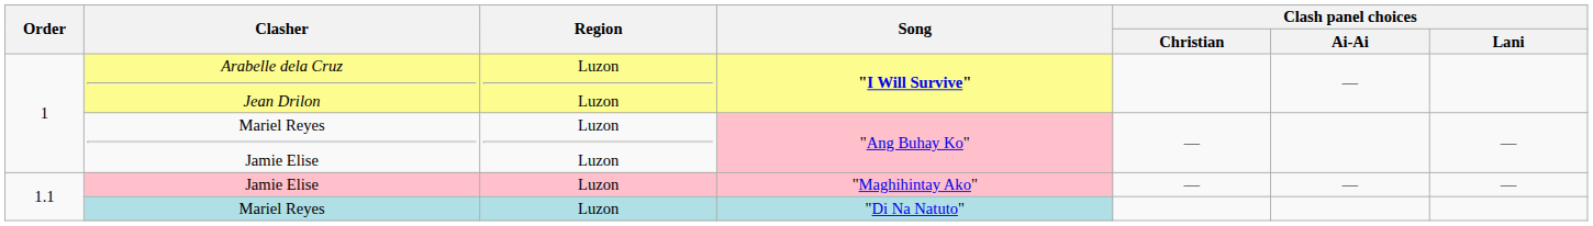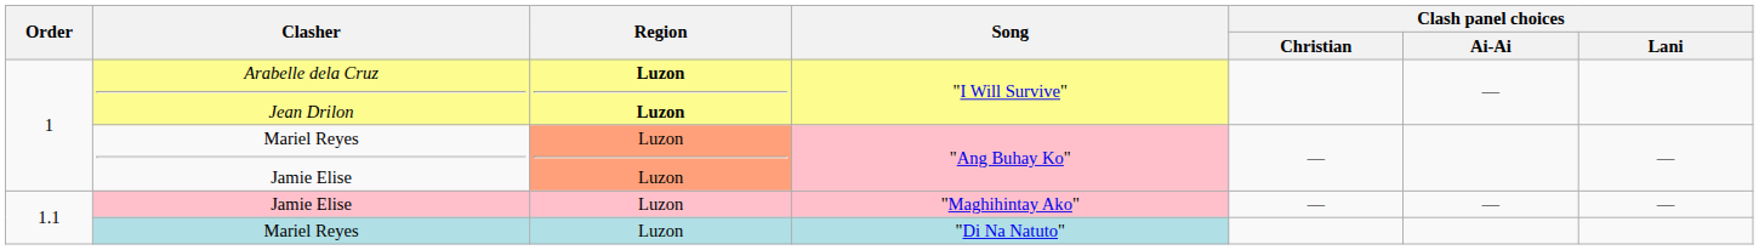 <table class="wikitable" style="text-align:center; line-height:17px; width:100%;">
 <tr>
 <th rowspan="2" width="5%">Order</th>
 <th rowspan="2" width="25%">Clasher</th>
 <th rowspan="2">Region</th>
 <th rowspan="2" width="25%">Song</th>
 <th colspan="3" width="30%">Clash panel choices</th>
 </tr>
 <tr>
 <th width="10%">Christian</th>
 <th width="10%">Ai-Ai</th>
 <th width="10%">Lani</th>
 </tr>
 <tr>
 <td rowspan="2">1</td>
 <td style="background:#fdfc8f;"><em>Arabelle dela Cruz</em><hr><em>Jean Drilon</em></td>
-<td style="background:#fdfc8f;">Luzon<hr>Luzon</td>
-<td style="background:#fdfc8f;"><strong>"<a href='#'>I Will Survive</a>"</strong></td>
+<td style="background:#fdfc8f;"><strong>Luzon<hr>Luzon</strong></td>
+<td style="background:#fdfc8f;">"<a href='#'>I Will Survive</a>"</td>
 <td><strong></strong></td>
 <td>—</td>
 <td><strong></strong></td>
 </tr>
 <tr>
 <td>Mariel Reyes<hr>Jamie Elise</td>
-<td>Luzon<hr>Luzon</td>
+<td style="background: lightsalmon;">Luzon<hr>Luzon</td>
 <td style="background: pink;">"<a href='#'>Ang Buhay Ko</a>"</td>
 <td>—</td>
 <td><strong></strong></td>
 <td>—</td>
 </tr>
 <tr>
 <td rowspan="2">1.1</td>
 <td style="background:pink;">Jamie Elise</td>
 <td style="background:pink;">Luzon</td>
 <td style="background:pink;">"<a href='#'>Maghihintay Ako</a>"</td>
 <td>—</td>
 <td>—</td>
 <td>—</td>
 </tr>
 <tr>
 <td style="background:#b0e0e6;">Mariel Reyes</td>
 <td style="background:#b0e0e6;">Luzon</td>
 <td style="background:#b0e0e6;">"<a href='#'>Di Na Natuto</a>"</td>
 <td><strong></strong></td>
 <td><strong></strong></td>
 <td><strong></strong></td>
 </tr>
 </table>
